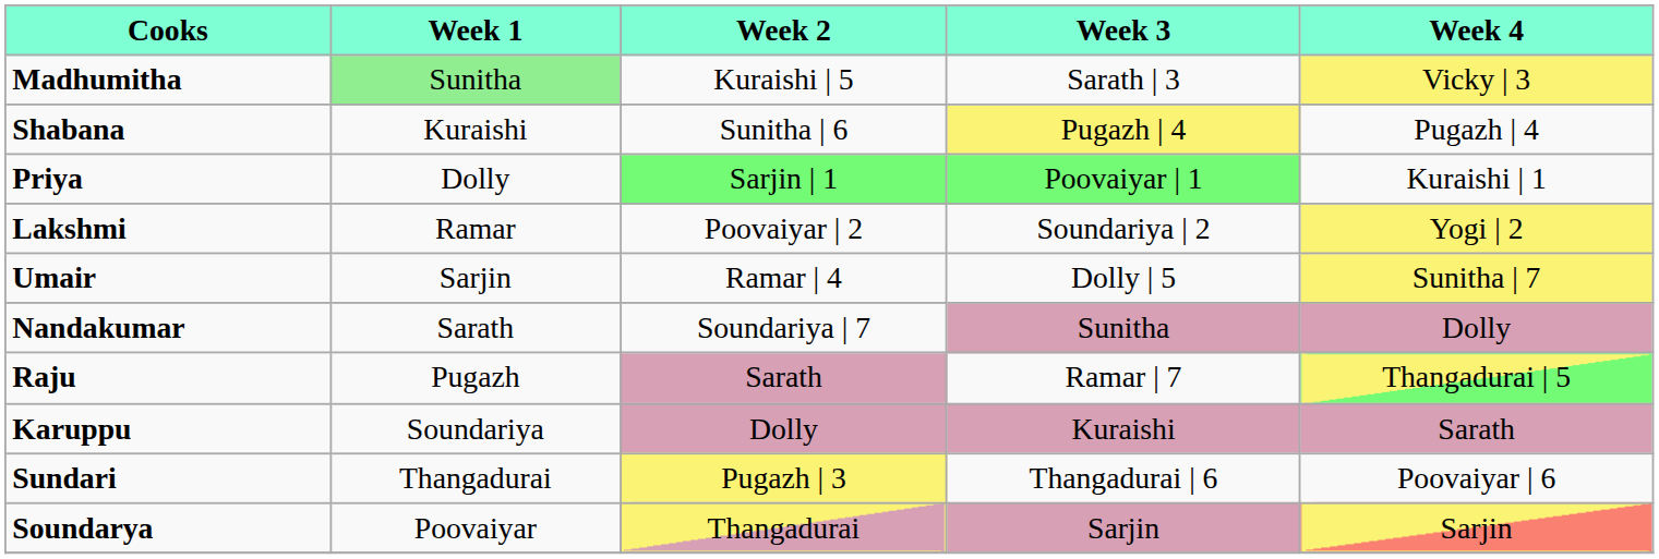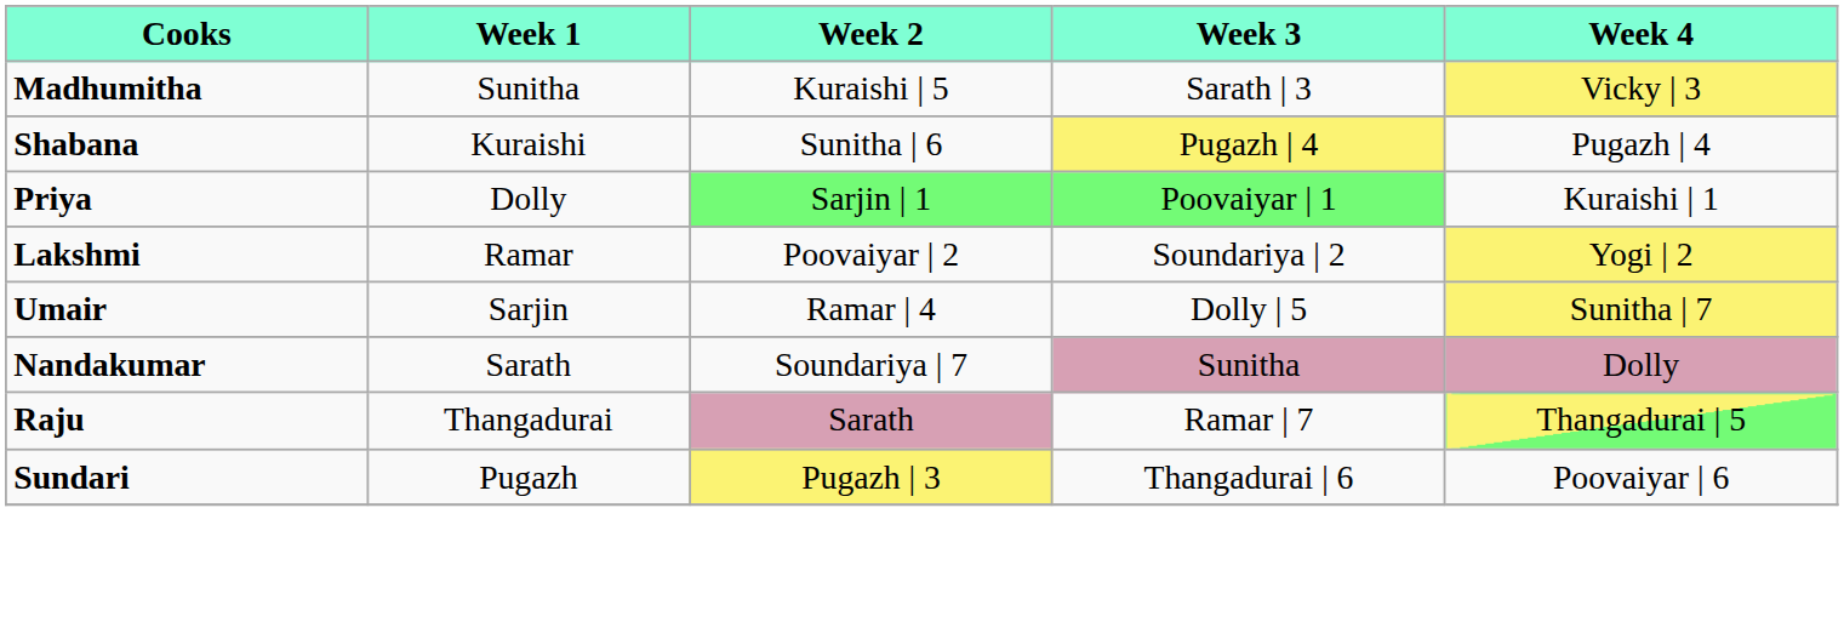 <table class="wikitable plainrowheaders" width="94%" style="font-size: 95%;">
 <tr>
 <th scope="col" style ="background: #7FFFD4;" style="background: #7FFFD4; color: black;"><strong>Cooks</strong></th>
 <th scope="col" style ="background: #7FFFD4;" style="background: #7FFFD4; color: black;"><strong>Week 1</strong></th>
 <th scope="col" style ="background: #7FFFD4;" style="background: #7FFFD4; color: black;"><strong>Week 2</strong></th>
 <th scope="col" style ="background: #7FFFD4;" style="background: #7FFFD4; color: black;"><strong>Week 3</strong></th>
 <th scope="col" style ="background: #7FFFD4;" style="background: #7FFFD4; color: black;"><strong>Week 4</strong></th>
 </tr>
 <tr>
 <td><strong>Madhumitha</strong></td>
-<td style="background: lightgreen; text-align: center;">Sunitha</td>
+<td style="text-align: center;">Sunitha</td>
 <td style="text-align: center;">Kuraishi | 5</td>
 <td style="text-align: center;">Sarath | 3</td>
 <td style="text-align: center; background: #FBF373;">Vicky | 3</td>
 </tr>
 <tr>
 <td><strong>Shabana</strong></td>
 <td style="text-align: center;">Kuraishi</td>
 <td style="text-align: center;">Sunitha | 6</td>
 <td style="text-align: center; background: #FBF373;">Pugazh | 4</td>
 <td style="text-align: center;">Pugazh | 4</td>
 </tr>
 <tr>
 <td><strong>Priya</strong></td>
 <td style="text-align: center;">Dolly</td>
 <td style="text-align: center; background:#73FB76;">Sarjin | 1</td>
 <td style="text-align: center; background:#73FB76;">Poovaiyar | 1</td>
 <td style="text-align: center;">Kuraishi | 1</td>
 </tr>
 <tr>
 <td><strong>Lakshmi</strong></td>
 <td style="text-align: center;">Ramar</td>
 <td style="text-align: center;">Poovaiyar | 2</td>
 <td style="text-align: center;">Soundariya | 2</td>
 <td style="text-align: center; background: #FBF373;">Yogi | 2</td>
 </tr>
 <tr>
 <td><strong>Umair</strong></td>
 <td style="text-align: center;">Sarjin</td>
 <td style="text-align: center;">Ramar | 4</td>
 <td style="text-align: center;">Dolly | 5</td>
 <td style="text-align: center; background: #FBF373;">Sunitha | 7</td>
 </tr>
 <tr>
 <td><strong>Nandakumar</strong></td>
 <td style="text-align: center;">Sarath</td>
 <td style="text-align: center;">Soundariya | 7</td>
 <td style="text-align: center; background: #D7A0B4;">Sunitha</td>
 <td style="text-align: center; background: #D7A0B4;">Dolly</td>
 </tr>
 <tr>
 <td><strong>Raju</strong></td>
-<td style="text-align: center;">Pugazh</td>
+<td style="text-align: center;">Thangadurai</td>
 <td style="text-align: center; background: #D7A0B4;">Sarath</td>
 <td style="text-align: center;">Ramar | 7</td>
 <td style="text-align: center; background-image: linear-gradient(to right bottom, #FBF373 50%, #73FB76 50%);">Thangadurai | 5</td>
 </tr>
 <tr>
-<td><strong>Karuppu</strong></td>
-<td style="text-align: center;">Soundariya</td>
-<td style="text-align: center; background: #D7A0B4;">Dolly</td>
-<td style="text-align: center; background: #D7A0B4;">Kuraishi</td>
-<td style="text-align: center; background: #D7A0B4;">Sarath</td>
-</tr>
-<tr>
 <td><strong>Sundari</strong></td>
-<td style="text-align: center;">Thangadurai</td>
+<td style="text-align: center;">Pugazh</td>
 <td style="text-align: center; background: #FBF373;">Pugazh | 3</td>
 <td style="text-align: center;">Thangadurai | 6</td>
 <td style="text-align: center;">Poovaiyar | 6</td>
 </tr>
 <tr>
-<td><strong>Soundarya</strong></td>
-<td style="text-align: center;">Poovaiyar</td>
-<td style="text-align: center;  background-image: linear-gradient(to right bottom, #FBF373 50%, #D7A0B4 50%);">Thangadurai</td>
-<td style="text-align: center; background: #D7A0B4;">Sarjin</td>
-<td style="text-align: center; background-image: linear-gradient(to right bottom, #FBF373 50%, #FA8072 50%);">Sarjin</td>
-</tr>
-<tr>
 </tr>
 </table>
